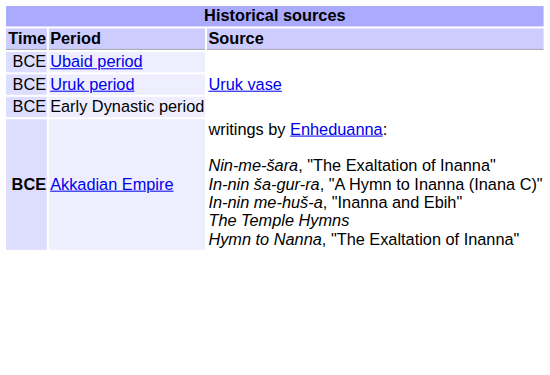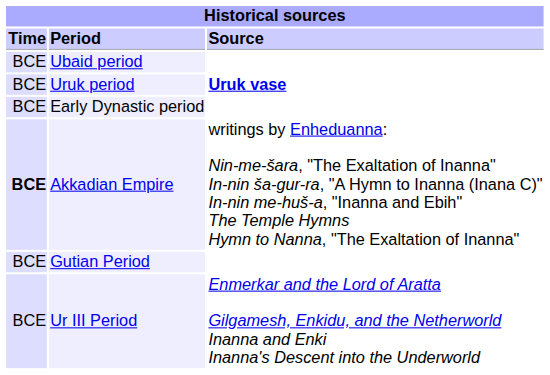 <table class="toccolours collapsible nowraplinks" style="background-color:#fff;">
 <tr>
 <td colspan="3" style="text-align:center; width:100%; background-color:#aaf"><span><strong>Historical sources</strong></span></td>
 </tr>
 <tr>
 <td style="background:#ccf; text-align:right; border-bottom: 1px solid #aaa"><strong>Time</strong></td>
 <td style="background:#ccf; text-align:left; border-bottom: 1px solid #aaa"><strong>Period</strong></td>
 <td style="background:#ccf; text-align:left; border-bottom: 1px solid #aaa"><strong>Source</strong></td>
 </tr>
 <tr>
 <td style="white-space:nowrap; background:#ddf; text-align:right;"> BCE</td>
 <td style="background:#eef; text-align:left;"><a href='#'>Ubaid period</a></td>
 <td style="text-align:left;"> </td>
 </tr>
 <tr>
 <td style="white-space:nowrap; background:#ddf; text-align:right;"> BCE</td>
 <td style="background:#eef; text-align:left;"><a href='#'>Uruk period</a></td>
-<td style="text-align:left;"><a href='#'>Uruk vase</a></td>
+<td style="text-align:left;"><strong><a href='#'>Uruk vase</a></strong></td>
 </tr>
 <tr>
 <td style="white-space:nowrap; background:#ddf; text-align:right;"> BCE</td>
 <td style="background:#eef; text-align:left;">Early Dynastic period</td>
 <td style="text-align:left;"> </td>
 </tr>
 <tr>
 <td style="white-space:nowrap; background:#ddf; text-align:right;"><strong> BCE</strong></td>
 <td style="background:#eef; text-align:left;"><a href='#'>Akkadian Empire</a></td>
 <td style="text-align:left;">writings by <a href='#'>Enheduanna</a>:<br><br><em>Nin-me-šara</em>, "The Exaltation of Inanna"<br> <em>In-nin ša-gur-ra</em>, "A Hymn to Inanna (Inana C)"<br> <em>In-nin me-huš-a</em>, "Inanna and Ebih"<br> <em>The Temple Hymns</em><br> <em>Hymn to Nanna</em>, "The Exaltation of Inanna"<br></td>
 </tr>
+<tr>
+<td style="white-space:nowrap; background:#ddf; text-align:right;"> BCE</td>
+<td style="background:#eef; text-align:left;"><a href='#'>Gutian Period</a></td>
+<td style="text-align:left;"> </td>
+</tr>
+<tr>
+<td style="white-space:nowrap; background:#ddf; text-align:right;"> BCE</td>
+<td style="background:#eef; text-align:left;"><a href='#'>Ur III Period</a></td>
+<td style="text-align:left;"><em><a href='#'>Enmerkar and the Lord of Aratta</a></em><br><br><em><a href='#'>Gilgamesh, Enkidu, and the Netherworld</a></em><br> <em>Inanna and Enki</em><br> <em>Inanna's Descent into the Underworld</em><br></td>
+</tr>
 </table>
